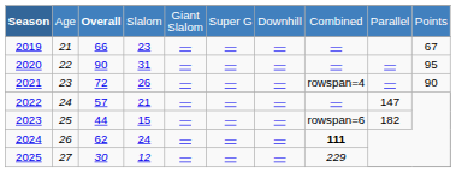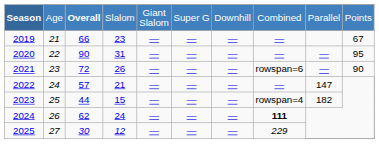 <table class="wikitable" style="font-size:95%; text-align:center; border:grey solid 1px; border-collapse:collapse;" width="40%">
 <tr style="background-color:#369; color:white;">
 <td rowspan="2" colspan="1" width="6%"><strong>Season</strong></td>
 </tr>
 <tr style="background-color:#4180be; color:white;">
 <td width="3%">Age</td>
 <td width="5%"><strong>Overall</strong></td>
 <td width="5%">Slalom</td>
 <td width="5%">Giant<br>Slalom</td>
 <td width="5%">Super G</td>
 <td width="5%">Downhill</td>
 <td width="5%">Combined</td>
 <td width="5%">Parallel</td>
 <td width="5%">Points</td>
 </tr>
 <tr style="background-color:#8CB2D8; color:white;">
 </tr>
 <tr>
 <td><a href='#'>2019</a></td>
 <td><em>21</em></td>
 <td><a href='#'>66</a></td>
 <td><a href='#'>23</a></td>
 <td><a href='#'>—</a></td>
 <td><a href='#'>—</a></td>
 <td><a href='#'>—</a></td>
 <td><a href='#'>—</a></td>
 <td></td>
 <td>67</td>
 </tr>
 <tr>
 <td><a href='#'>2020</a></td>
 <td><em>22</em></td>
 <td><a href='#'>90</a></td>
 <td><a href='#'>31</a></td>
 <td><a href='#'>—</a></td>
 <td><a href='#'>—</a></td>
 <td><a href='#'>—</a></td>
 <td><a href='#'>—</a></td>
 <td><a href='#'>—</a></td>
 <td>95</td>
 </tr>
 <tr>
 <td><a href='#'>2021</a></td>
 <td><em>23</em></td>
 <td><a href='#'>72</a></td>
 <td><a href='#'>26</a></td>
 <td><a href='#'>—</a></td>
 <td><a href='#'>—</a></td>
 <td><a href='#'>—</a></td>
-<td>rowspan=4 </td>
+<td>rowspan=6 </td>
 <td><a href='#'>—</a></td>
 <td>90</td>
 </tr>
 <tr>
 <td><a href='#'>2022</a></td>
 <td><em>24</em></td>
 <td><a href='#'>57</a></td>
 <td><a href='#'>21</a></td>
 <td><a href='#'>—</a></td>
 <td><a href='#'>—</a></td>
 <td><a href='#'>—</a></td>
 <td><a href='#'>—</a></td>
 <td>147</td>
 </tr>
 <tr>
 <td><a href='#'>2023</a></td>
 <td><em>25</em></td>
 <td><a href='#'>44</a></td>
 <td><a href='#'>15</a></td>
 <td><a href='#'>—</a></td>
 <td><a href='#'>—</a></td>
 <td><a href='#'>—</a></td>
-<td>rowspan=6 </td>
+<td>rowspan=4 </td>
 <td>182</td>
 </tr>
 <tr>
 <td><a href='#'>2024</a></td>
 <td><em>26</em></td>
 <td><a href='#'>62</a></td>
 <td><a href='#'>24</a></td>
 <td><a href='#'>—</a></td>
 <td><a href='#'>—</a></td>
 <td><a href='#'>—</a></td>
 <td><strong>111</strong></td>
 </tr>
 <tr>
 <td><a href='#'>2025</a></td>
 <td><em>27</em></td>
 <td><a href='#'><em>30</em></a></td>
 <td><a href='#'><em>12</em></a></td>
 <td><a href='#'>—</a></td>
 <td><a href='#'>—</a></td>
 <td><a href='#'>—</a></td>
 <td><em>229</em></td>
 </tr>
 </table>
